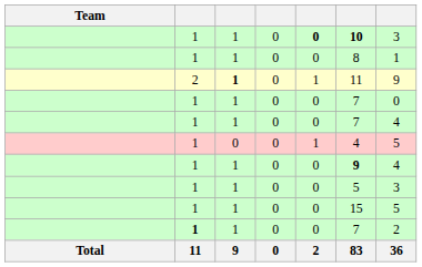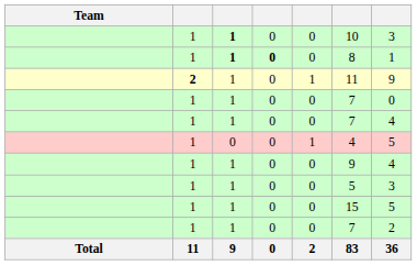 <table class="wikitable" style="font-size:95%; text-align:center">
 <tr>
 <th width=192>Team</th>
 <th width=40></th>
 <th width=40></th>
 <th width=40></th>
 <th width=40></th>
 <th width=40></th>
 <th width=40></th>
 </tr>
 <tr style="background:#ccffcc;">
 <td style="text-align:left;"></td>
 <td>1</td>
-<td>1</td>
+<td><strong>1</strong></td>
 <td>0</td>
-<td><strong>0</strong></td>
-<td><strong>10</strong></td>
+<td>0</td>
+<td>10</td>
 <td>3</td>
 </tr>
 <tr style="background:#ccffcc;">
 <td style="text-align:left;"></td>
 <td>1</td>
-<td>1</td>
-<td>0</td>
+<td><strong>1</strong></td>
+<td><strong>0</strong></td>
 <td>0</td>
 <td>8</td>
 <td>1</td>
 </tr>
 <tr style="background:#ffffcc;">
 <td style="text-align:left;"></td>
-<td>2</td>
-<td><strong>1</strong></td>
+<td><strong>2</strong></td>
+<td>1</td>
 <td>0</td>
 <td>1</td>
 <td>11</td>
 <td>9</td>
 </tr>
 <tr style="background:#ccffcc;">
 <td style="text-align:left;"></td>
 <td>1</td>
 <td>1</td>
 <td>0</td>
 <td>0</td>
 <td>7</td>
 <td>0</td>
 </tr>
 <tr style="background:#ccffcc;">
 <td style="text-align:left;"></td>
 <td>1</td>
 <td>1</td>
 <td>0</td>
 <td>0</td>
 <td>7</td>
 <td>4</td>
 </tr>
 <tr style="background:#ffcccc;">
 <td style="text-align:left;"></td>
 <td>1</td>
 <td>0</td>
 <td>0</td>
 <td>1</td>
 <td>4</td>
 <td>5</td>
 </tr>
 <tr style="background:#ccffcc;">
 <td style="text-align:left;"></td>
 <td>1</td>
 <td>1</td>
 <td>0</td>
 <td>0</td>
-<td><strong>9</strong></td>
+<td>9</td>
 <td>4</td>
 </tr>
 <tr style="background:#ccffcc;">
 <td style="text-align:left;"></td>
 <td>1</td>
 <td>1</td>
 <td>0</td>
 <td>0</td>
 <td>5</td>
 <td>3</td>
 </tr>
 <tr style="background:#ccffcc;">
 <td style="text-align:left;"></td>
 <td>1</td>
 <td>1</td>
 <td>0</td>
 <td>0</td>
 <td>15</td>
 <td>5</td>
 </tr>
 <tr style="background:#ccffcc;">
 <td style="text-align:left;"></td>
-<td><strong>1</strong></td>
+<td>1</td>
 <td>1</td>
 <td>0</td>
 <td>0</td>
 <td>7</td>
 <td>2</td>
 </tr>
 <tr>
 <th>Total</th>
 <th>11</th>
 <th>9</th>
 <th>0</th>
 <th>2</th>
 <th>83</th>
 <th>36</th>
 </tr>
 </table>
